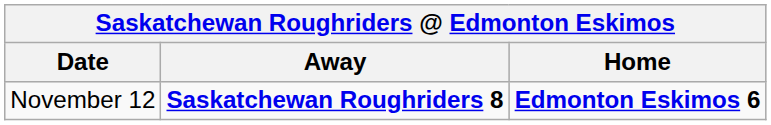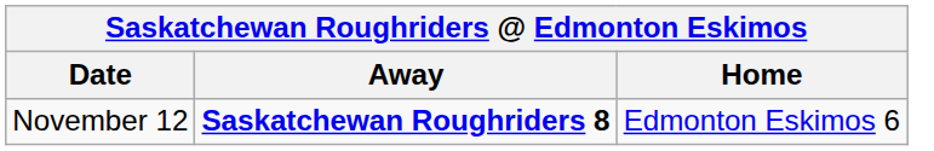 <table class="wikitable">
 <tr>
 <th colspan="3"><a href='#'>Saskatchewan Roughriders</a> @ <a href='#'>Edmonton Eskimos</a></th>
 </tr>
 <tr>
 <th>Date</th>
 <th>Away</th>
 <th>Home</th>
 </tr>
 <tr>
 <td>November 12</td>
 <td><strong><a href='#'>Saskatchewan Roughriders</a> 8</strong></td>
-<td><strong><a href='#'>Edmonton Eskimos</a> 6</strong></td>
+<td><a href='#'>Edmonton Eskimos</a> 6</td>
 </tr>
 </table>
